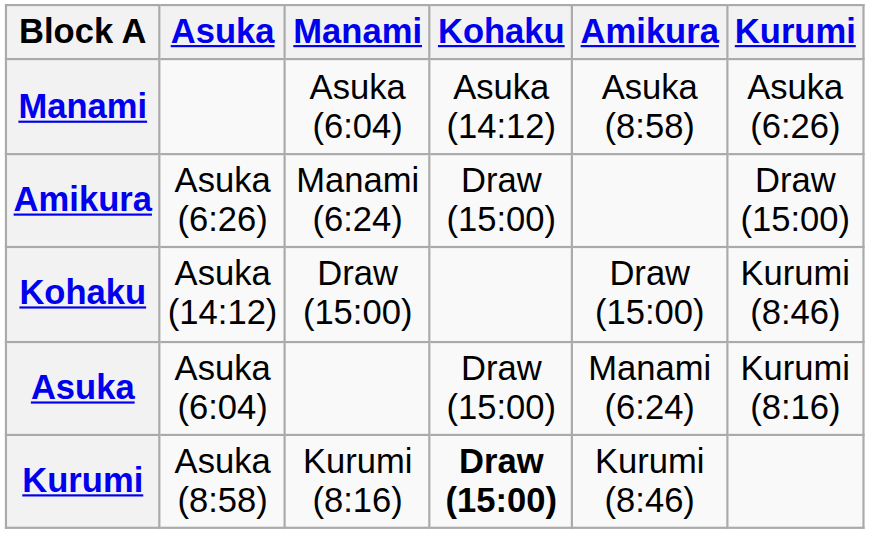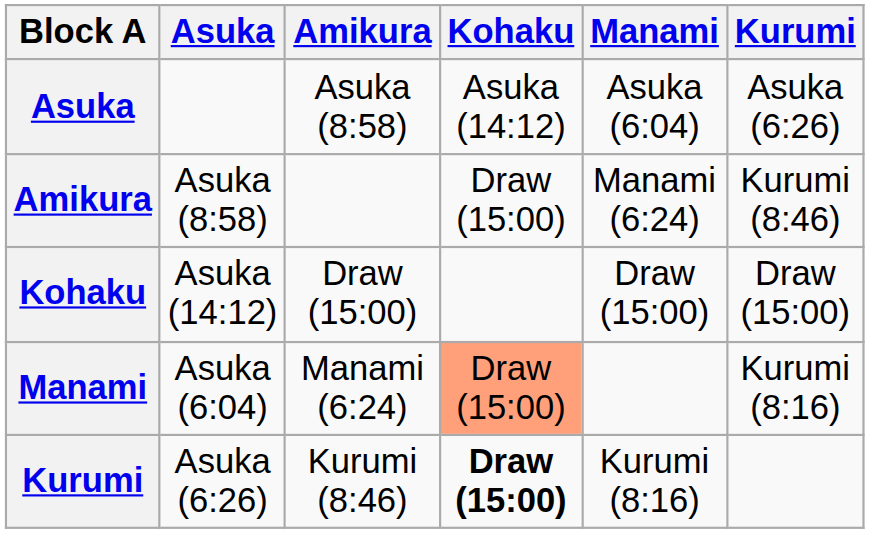 <table class="wikitable" style="text-align:center; margin: 1em auto 1em auto;" width="25%">
 <tr>
 <th>Block A</th>
 <th><a href='#'>Asuka</a></th>
+<th><a href='#'>Amikura</a></th>
+<th><a href='#'>Kohaku</a></th>
 <th><a href='#'>Manami</a></th>
-<th><a href='#'>Kohaku</a></th>
-<th><a href='#'>Amikura</a></th>
 <th><a href='#'>Kurumi</a></th>
 </tr>
 <tr>
-<th><a href='#'>Manami</a></th>
+<th><a href='#'>Asuka</a></th>
 <td></td>
+<td>Asuka<br>(8:58)</td>
+<td>Asuka<br>(14:12)</td>
 <td>Asuka<br>(6:04)</td>
-<td>Asuka<br>(14:12)</td>
-<td>Asuka<br>(8:58)</td>
 <td>Asuka<br>(6:26)</td>
 </tr>
 <tr>
 <th><a href='#'>Amikura</a></th>
-<td>Asuka<br>(6:26)</td>
-<td>Manami<br>(6:24)</td>
-<td>Draw<br>(15:00)</td>
+<td>Asuka<br>(8:58)</td>
 <td></td>
 <td>Draw<br>(15:00)</td>
+<td>Manami<br>(6:24)</td>
+<td>Kurumi<br>(8:46)</td>
 </tr>
 <tr>
 <th><a href='#'>Kohaku</a></th>
 <td>Asuka<br>(14:12)</td>
 <td>Draw<br>(15:00)</td>
 <td></td>
 <td>Draw<br>(15:00)</td>
-<td>Kurumi<br>(8:46)</td>
+<td>Draw<br>(15:00)</td>
 </tr>
 <tr>
-<th><a href='#'>Asuka</a></th>
+<th><a href='#'>Manami</a></th>
 <td>Asuka<br>(6:04)</td>
+<td>Manami<br>(6:24)</td>
+<td style="background: lightsalmon;">Draw<br>(15:00)</td>
 <td></td>
-<td>Draw<br>(15:00)</td>
-<td>Manami<br>(6:24)</td>
 <td>Kurumi<br>(8:16)</td>
 </tr>
 <tr>
 <th><a href='#'>Kurumi</a></th>
-<td>Asuka<br>(8:58)</td>
+<td>Asuka<br>(6:26)</td>
+<td>Kurumi<br>(8:46)</td>
+<td><strong>Draw<br>(15:00)</strong></td>
 <td>Kurumi<br>(8:16)</td>
-<td><strong>Draw<br>(15:00)</strong></td>
-<td>Kurumi<br>(8:46)</td>
 <td></td>
 </tr>
 </table>
